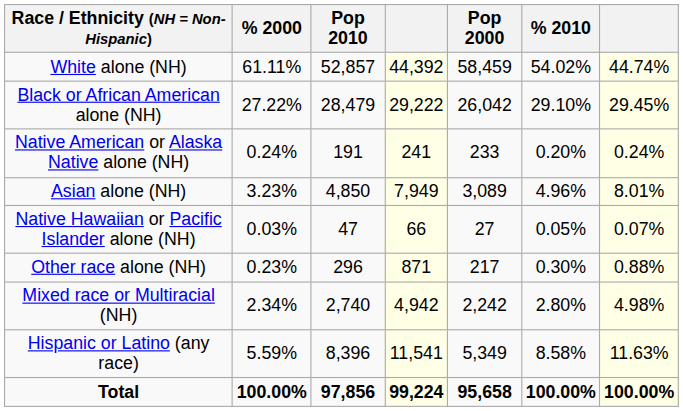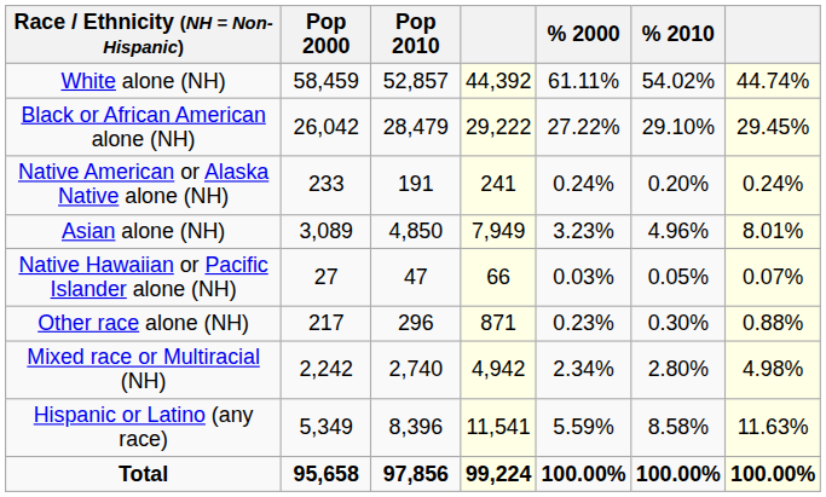 <table class="wikitable" style="text-align:center;">
 <tr>
 <th>Race / Ethnicity <small>(<em>NH = Non-Hispanic</em>)</small></th>
-<th>% 2000</th>
+<th>Pop 2000</th>
 <th>Pop 2010</th>
 <th></th>
-<th>Pop 2000</th>
+<th>% 2000</th>
 <th>% 2010</th>
 <th></th>
 </tr>
 <tr>
 <td><a href='#'>White</a> alone (NH)</td>
-<td>61.11%</td>
+<td>58,459</td>
 <td>52,857</td>
 <td style='background: #ffffe6;'>44,392</td>
-<td>58,459</td>
+<td>61.11%</td>
 <td>54.02%</td>
 <td style='background: #ffffe6;'>44.74%</td>
 </tr>
 <tr>
 <td><a href='#'>Black or African American</a> alone (NH)</td>
-<td>27.22%</td>
+<td>26,042</td>
 <td>28,479</td>
 <td style='background: #ffffe6;'>29,222</td>
-<td>26,042</td>
+<td>27.22%</td>
 <td>29.10%</td>
 <td style='background: #ffffe6;'>29.45%</td>
 </tr>
 <tr>
 <td><a href='#'>Native American</a> or <a href='#'>Alaska Native</a> alone (NH)</td>
-<td>0.24%</td>
+<td>233</td>
 <td>191</td>
 <td style='background: #ffffe6;'>241</td>
-<td>233</td>
+<td>0.24%</td>
 <td>0.20%</td>
 <td style='background: #ffffe6;'>0.24%</td>
 </tr>
 <tr>
 <td><a href='#'>Asian</a> alone (NH)</td>
-<td>3.23%</td>
+<td>3,089</td>
 <td>4,850</td>
 <td style='background: #ffffe6;'>7,949</td>
-<td>3,089</td>
+<td>3.23%</td>
 <td>4.96%</td>
 <td style='background: #ffffe6;'>8.01%</td>
 </tr>
 <tr>
 <td><a href='#'>Native Hawaiian</a> or <a href='#'>Pacific Islander</a> alone (NH)</td>
-<td>0.03%</td>
+<td>27</td>
 <td>47</td>
 <td style='background: #ffffe6;'>66</td>
-<td>27</td>
+<td>0.03%</td>
 <td>0.05%</td>
 <td style='background: #ffffe6;'>0.07%</td>
 </tr>
 <tr>
 <td><a href='#'>Other race</a> alone (NH)</td>
-<td>0.23%</td>
+<td>217</td>
 <td>296</td>
 <td style='background: #ffffe6;'>871</td>
-<td>217</td>
+<td>0.23%</td>
 <td>0.30%</td>
 <td style='background: #ffffe6;'>0.88%</td>
 </tr>
 <tr>
 <td><a href='#'>Mixed race or Multiracial</a> (NH)</td>
-<td>2.34%</td>
+<td>2,242</td>
 <td>2,740</td>
 <td style='background: #ffffe6;'>4,942</td>
-<td>2,242</td>
+<td>2.34%</td>
 <td>2.80%</td>
 <td style='background: #ffffe6;'>4.98%</td>
 </tr>
 <tr>
 <td><a href='#'>Hispanic or Latino</a> (any race)</td>
-<td>5.59%</td>
+<td>5,349</td>
 <td>8,396</td>
 <td style='background: #ffffe6;'>11,541</td>
-<td>5,349</td>
+<td>5.59%</td>
 <td>8.58%</td>
 <td style='background: #ffffe6;'>11.63%</td>
 </tr>
 <tr>
 <td><strong>Total</strong></td>
-<td><strong>100.00%</strong></td>
+<td><strong>95,658</strong></td>
 <td><strong>97,856</strong></td>
 <td style='background: #ffffe6;'><strong>99,224</strong></td>
-<td><strong>95,658</strong></td>
+<td><strong>100.00%</strong></td>
 <td><strong>100.00%</strong></td>
 <td style='background: #ffffe6;'><strong>100.00%</strong></td>
 </tr>
 </table>
